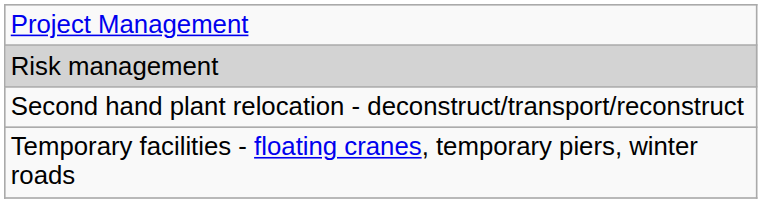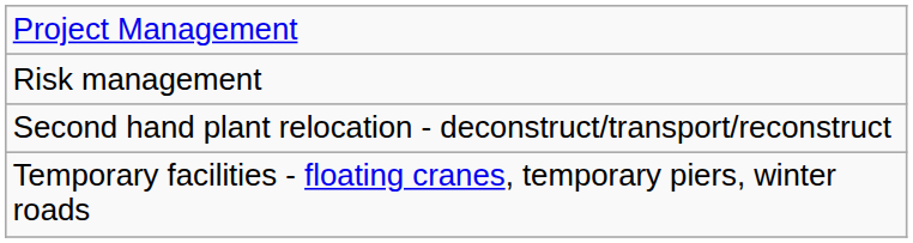 <table class="wikitable">
 <tr>
 <td width="460pt"><a href='#'>Project Management</a></td>
 </tr>
 <tr>
-<td style="background: lightgrey;">Risk management</td>
+<td>Risk management</td>
 </tr>
 <tr>
 <td>Second hand plant relocation - deconstruct/transport/reconstruct</td>
 </tr>
 <tr>
 <td>Temporary facilities - <a href='#'>floating cranes</a>, temporary piers, winter roads</td>
 </tr>
 </table>
